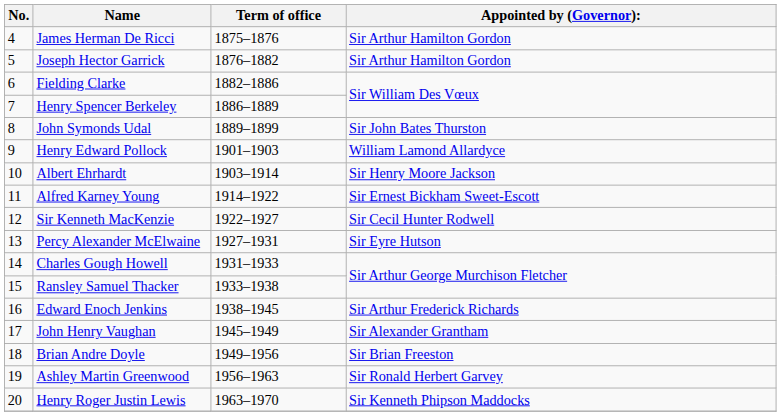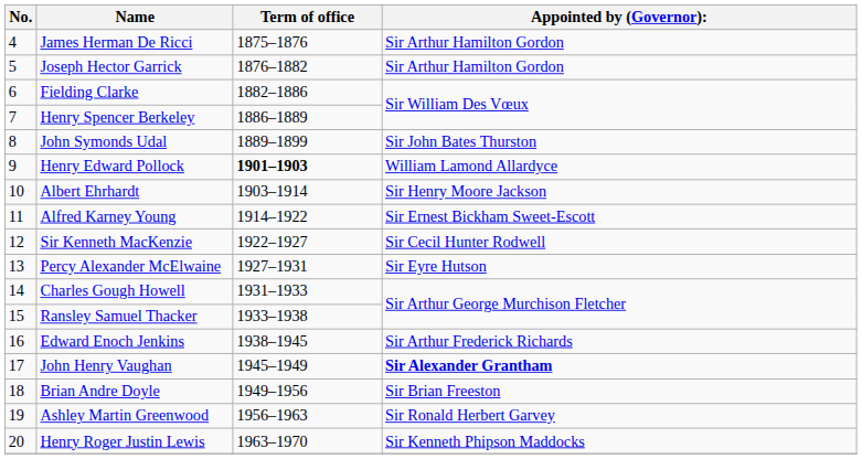 <table class="wikitable">
 <tr>
 <th width="25">No.</th>
 <th width="200">Name</th>
 <th width="150">Term of office</th>
 <th width="500">Appointed by (<a href='#'>Governor</a>):</th>
 </tr>
 <tr>
 <td>4</td>
 <td><a href='#'>James Herman De Ricci</a></td>
 <td>1875–1876</td>
 <td><a href='#'>Sir Arthur Hamilton Gordon</a></td>
 </tr>
 <tr>
 <td>5</td>
 <td><a href='#'>Joseph Hector Garrick</a></td>
 <td>1876–1882</td>
 <td><a href='#'>Sir Arthur Hamilton Gordon</a></td>
 </tr>
 <tr>
 <td>6</td>
 <td><a href='#'>Fielding Clarke</a></td>
 <td>1882–1886</td>
 <td rowspan=2><a href='#'>Sir William Des Vœux</a></td>
 </tr>
 <tr>
 <td>7</td>
 <td><a href='#'>Henry Spencer Berkeley</a></td>
 <td>1886–1889</td>
 </tr>
 <tr>
 <td>8</td>
 <td><a href='#'>John Symonds Udal</a></td>
 <td>1889–1899</td>
 <td><a href='#'>Sir John Bates Thurston</a></td>
 </tr>
 <tr>
 <td>9</td>
 <td><a href='#'>Henry Edward Pollock</a></td>
-<td>1901–1903</td>
+<td><strong>1901–1903</strong></td>
 <td><a href='#'>William Lamond Allardyce</a></td>
 </tr>
 <tr>
 <td>10</td>
 <td><a href='#'>Albert Ehrhardt</a></td>
 <td>1903–1914</td>
 <td><a href='#'>Sir Henry Moore Jackson</a></td>
 </tr>
 <tr>
 <td>11</td>
 <td><a href='#'>Alfred Karney Young</a></td>
 <td>1914–1922</td>
 <td><a href='#'>Sir Ernest Bickham Sweet-Escott</a></td>
 </tr>
 <tr>
 <td>12</td>
 <td><a href='#'>Sir Kenneth MacKenzie</a></td>
 <td>1922–1927</td>
 <td><a href='#'>Sir Cecil Hunter Rodwell</a></td>
 </tr>
 <tr>
 <td>13</td>
 <td><a href='#'>Percy Alexander McElwaine</a></td>
 <td>1927–1931</td>
 <td><a href='#'>Sir Eyre Hutson</a></td>
 </tr>
 <tr>
 <td>14</td>
 <td><a href='#'>Charles Gough Howell</a></td>
 <td>1931–1933</td>
 <td rowspan=2><a href='#'>Sir Arthur George Murchison Fletcher</a></td>
 </tr>
 <tr>
 <td>15</td>
 <td><a href='#'>Ransley Samuel Thacker</a></td>
 <td>1933–1938</td>
 </tr>
 <tr>
 <td>16</td>
 <td><a href='#'>Edward Enoch Jenkins</a></td>
 <td>1938–1945</td>
 <td><a href='#'>Sir Arthur Frederick Richards</a></td>
 </tr>
 <tr>
 <td>17</td>
 <td><a href='#'>John Henry Vaughan</a></td>
 <td>1945–1949</td>
-<td><a href='#'>Sir Alexander Grantham</a></td>
+<td><strong><a href='#'>Sir Alexander Grantham</a></strong></td>
 </tr>
 <tr>
 <td>18</td>
 <td><a href='#'>Brian Andre Doyle</a></td>
 <td>1949–1956</td>
 <td><a href='#'>Sir Brian Freeston</a></td>
 </tr>
 <tr>
 <td>19</td>
 <td><a href='#'>Ashley Martin Greenwood</a></td>
 <td>1956–1963</td>
 <td><a href='#'>Sir Ronald Herbert Garvey</a></td>
 </tr>
 <tr>
 <td>20</td>
 <td><a href='#'>Henry Roger Justin Lewis</a></td>
 <td>1963–1970</td>
 <td><a href='#'>Sir Kenneth Phipson Maddocks</a></td>
 </tr>
 <tr>
 </tr>
 </table>
